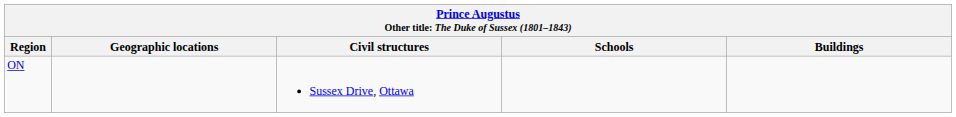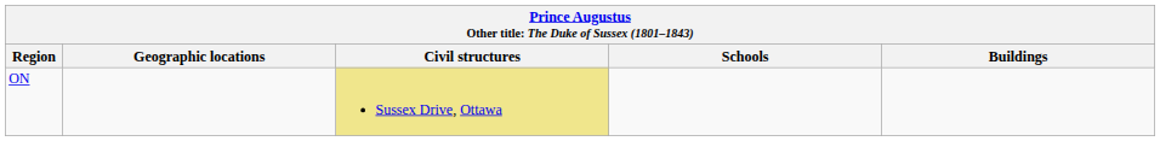 <table class="wikitable" width="100%">
 <tr>
 <th colspan="5"> <a href='#'>Prince Augustus</a><br><small>Other title: <em>The Duke of Sussex (1801–1843)</em></small></th>
 </tr>
 <tr>
 <th width="5%">Region</th>
 <th width="23.75%">Geographic locations</th>
 <th width="23.75%">Civil structures</th>
 <th width="23.75%">Schools</th>
 <th width="23.75%">Buildings</th>
 </tr>
 <tr>
 <td align=left valign=top> <a href='#'>ON</a></td>
 <td></td>
-<td align=left valign=top><br><ul><li><a href='#'>Sussex Drive</a>, <a href='#'>Ottawa</a></li></ul></td>
+<td align=left valign=top style="background: khaki;"><br><ul><li><a href='#'>Sussex Drive</a>, <a href='#'>Ottawa</a></li></ul></td>
 <td></td>
 <td></td>
 </tr>
 </table>
